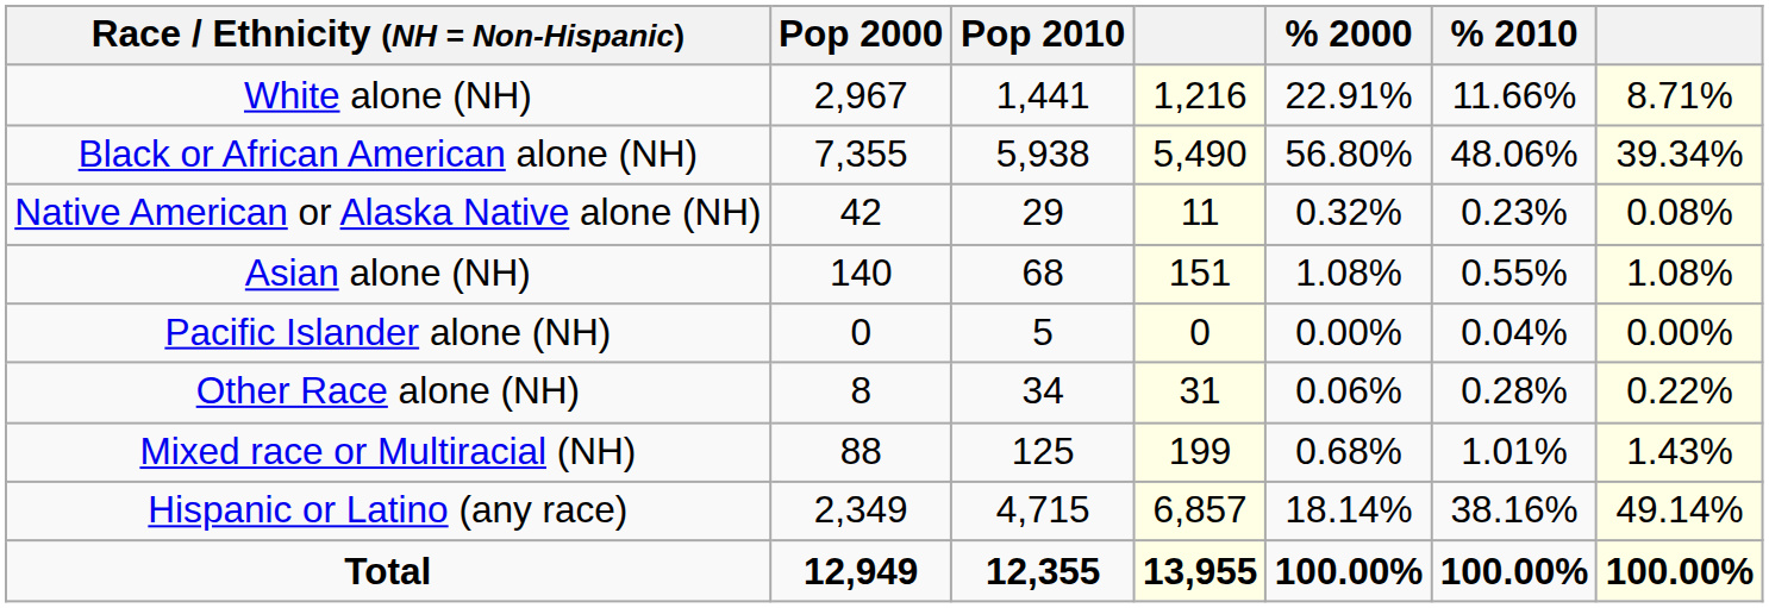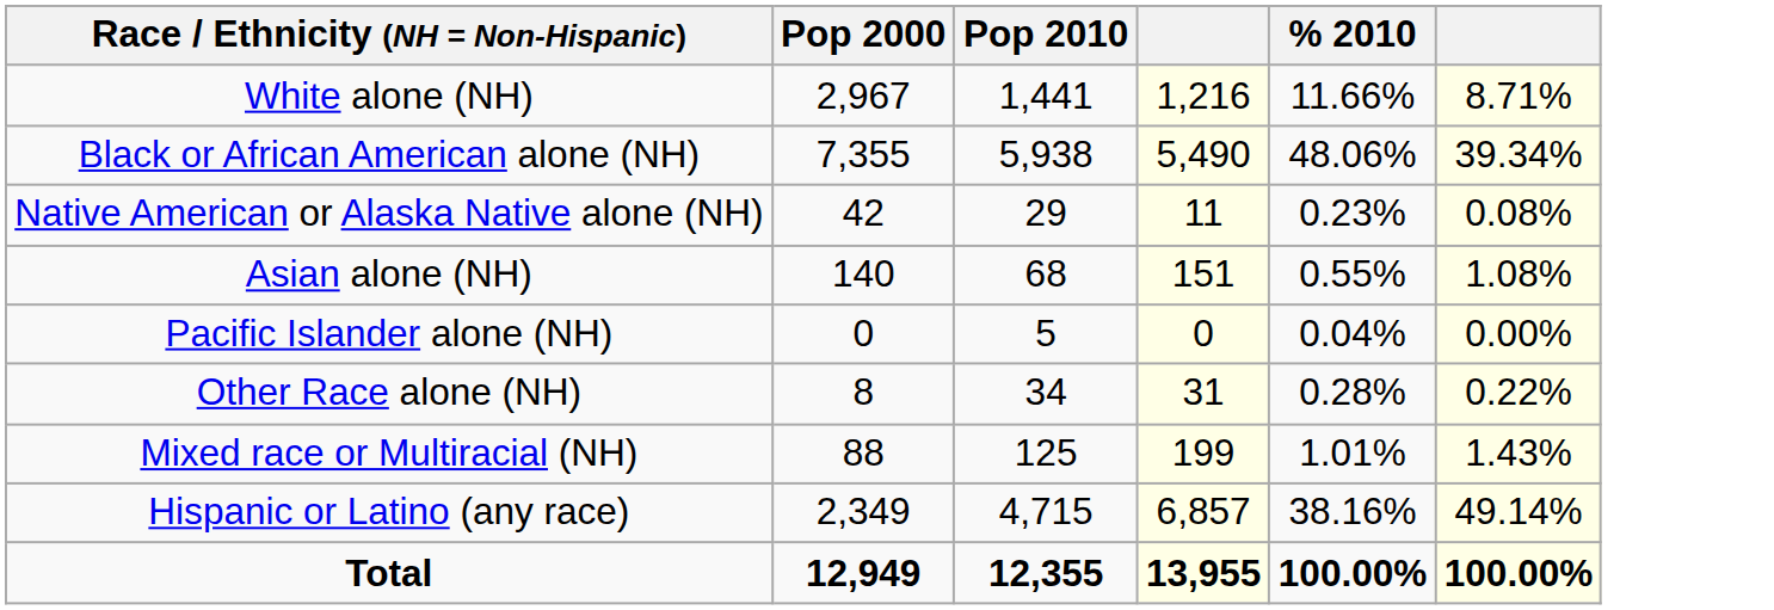 <table class="wikitable" style="text-align:center;">
 <tr>
 <th>Race / Ethnicity <small>(<em>NH = Non-Hispanic</em>)</small></th>
 <th>Pop 2000</th>
 <th>Pop 2010</th>
 <th></th>
-<th>% 2000</th>
 <th>% 2010</th>
 <th></th>
 </tr>
 <tr>
 <td><a href='#'>White</a> alone (NH)</td>
 <td>2,967</td>
 <td>1,441</td>
 <td style='background: #ffffe6;'>1,216</td>
-<td>22.91%</td>
 <td>11.66%</td>
 <td style='background: #ffffe6;'>8.71%</td>
 </tr>
 <tr>
 <td><a href='#'>Black or African American</a> alone (NH)</td>
 <td>7,355</td>
 <td>5,938</td>
 <td style='background: #ffffe6;'>5,490</td>
-<td>56.80%</td>
 <td>48.06%</td>
 <td style='background: #ffffe6;'>39.34%</td>
 </tr>
 <tr>
 <td><a href='#'>Native American</a> or <a href='#'>Alaska Native</a> alone (NH)</td>
 <td>42</td>
 <td>29</td>
 <td style='background: #ffffe6;'>11</td>
-<td>0.32%</td>
 <td>0.23%</td>
 <td style='background: #ffffe6;'>0.08%</td>
 </tr>
 <tr>
 <td><a href='#'>Asian</a> alone (NH)</td>
 <td>140</td>
 <td>68</td>
 <td style='background: #ffffe6;'>151</td>
-<td>1.08%</td>
 <td>0.55%</td>
 <td style='background: #ffffe6;'>1.08%</td>
 </tr>
 <tr>
 <td><a href='#'>Pacific Islander</a> alone (NH)</td>
 <td>0</td>
 <td>5</td>
 <td style='background: #ffffe6;'>0</td>
-<td>0.00%</td>
 <td>0.04%</td>
 <td style='background: #ffffe6;'>0.00%</td>
 </tr>
 <tr>
 <td><a href='#'>Other Race</a> alone (NH)</td>
 <td>8</td>
 <td>34</td>
 <td style='background: #ffffe6;'>31</td>
-<td>0.06%</td>
 <td>0.28%</td>
 <td style='background: #ffffe6;'>0.22%</td>
 </tr>
 <tr>
 <td><a href='#'>Mixed race or Multiracial</a> (NH)</td>
 <td>88</td>
 <td>125</td>
 <td style='background: #ffffe6;'>199</td>
-<td>0.68%</td>
 <td>1.01%</td>
 <td style='background: #ffffe6;'>1.43%</td>
 </tr>
 <tr>
 <td><a href='#'>Hispanic or Latino</a> (any race)</td>
 <td>2,349</td>
 <td>4,715</td>
 <td style='background: #ffffe6;'>6,857</td>
-<td>18.14%</td>
 <td>38.16%</td>
 <td style='background: #ffffe6;'>49.14%</td>
 </tr>
 <tr>
 <td><strong>Total</strong></td>
 <td><strong>12,949</strong></td>
 <td><strong>12,355</strong></td>
 <td style='background: #ffffe6;'><strong>13,955</strong></td>
 <td><strong>100.00%</strong></td>
-<td><strong>100.00%</strong></td>
 <td style='background: #ffffe6;'><strong>100.00%</strong></td>
 </tr>
 </table>
